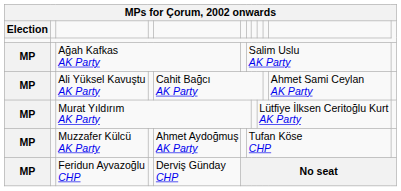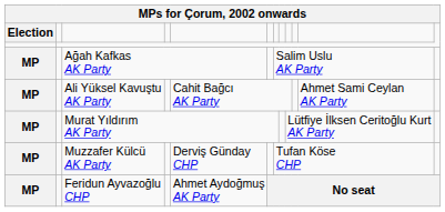 <table class="wikitable">
 <tr>
 <th colspan = 12>MPs for Çorum, 2002 onwards</th>
 </tr>
 <tr>
 <th rowspan = 2>Election</th>
 <td rowspan="2" style="width:1px;"></td>
 <td rowspan = 2></td>
 <td rowspan="2" style="width:1px;"></td>
 <td rowspan = 2></td>
 <td rowspan="2" style="width:1px;"></td>
 <td rowspan = 2></td>
 <td rowspan="2" style="width:1px;"></td>
 <td rowspan = 2></td>
 <td rowspan="2" style="width:1px;"></td>
 <td rowspan = 2></td>
 </tr>
 <tr>
 </tr>
 <tr>
 <td></td>
 </tr>
 <tr>
 <th>MP</th>
 <td width=1px style="background-color: "></td>
 <td colspan = 3>Ağah Kafkas<br><em><a href='#'>AK Party</a></em></td>
 <td width=1px style="background-color: "></td>
 <td colspan = 5>Salim Uslu<br><em><a href='#'>AK Party</a></em></td>
 <td width=1px style="background-color: "></td>
 </tr>
 <tr>
 <th>MP</th>
 <td width=1px style="background-color: "></td>
 <td colspan = 1>Ali Yüksel Kavuştu<br><em><a href='#'>AK Party</a></em></td>
 <td width=1px style="background-color: "></td>
 <td colspan = 5>Cahit Bağcı<br><em><a href='#'>AK Party</a></em></td>
 <td width=1px style="background-color: "></td>
 <td colspan = 1>Ahmet Sami Ceylan<br><em><a href='#'>AK Party</a></em></td>
 <td width=1px style="background-color: "></td>
 </tr>
 <tr>
 <th>MP</th>
 <td width=1px style="background-color: "></td>
 <td colspan = 5>Murat Yıldırım<br><em><a href='#'>AK Party</a></em></td>
 <td width=1px style="background-color: "></td>
 <td colspan = 3>Lütfiye İlksen Ceritoğlu Kurt<br><em><a href='#'>AK Party</a></em></td>
 <td width=1px style="background-color: "></td>
 </tr>
 <tr>
 <th>MP</th>
 <td width=1px style="background-color: "></td>
 <td colspan = 1>Muzzafer Külcü<br><em><a href='#'>AK Party</a></em></td>
 <td width=1px style="background-color: "></td>
-<td colspan = 1>Ahmet Aydoğmuş<br><em><a href='#'>AK Party</a></em></td>
+<td colspan = 1>Derviş Günday<br><em><a href='#'>CHP</a></em></td>
 <td width=1px style="background-color: "></td>
 <td colspan = 5>Tufan Köse<br><em><a href='#'>CHP</a></em></td>
 <td width=1px style="background-color: "></td>
 </tr>
 <tr>
 <th>MP</th>
 <td width=1px style="background-color: "></td>
 <td colspan = 1>Feridun Ayvazoğlu<br><em><a href='#'>CHP</a></em></td>
 <td width=1px style="background-color: "></td>
-<td colspan = 1>Derviş Günday<br><em><a href='#'>CHP</a></em></td>
+<td colspan = 1>Ahmet Aydoğmuş<br><em><a href='#'>AK Party</a></em></td>
 <th colspan = 7>No seat</th>
 </tr>
 </table>
